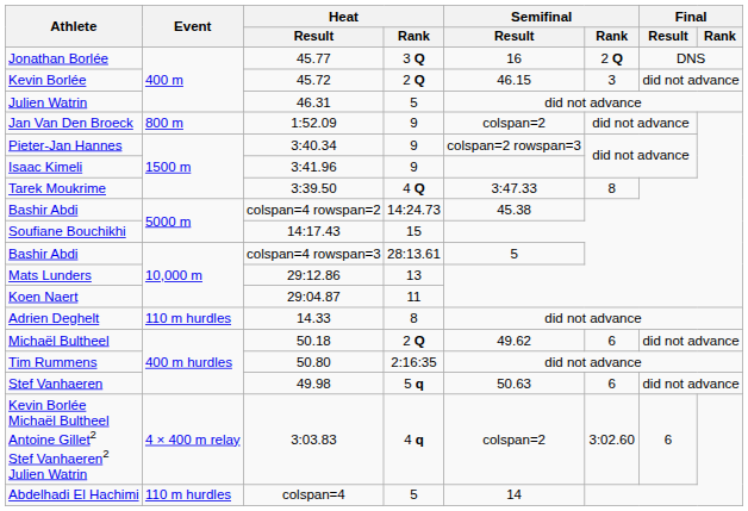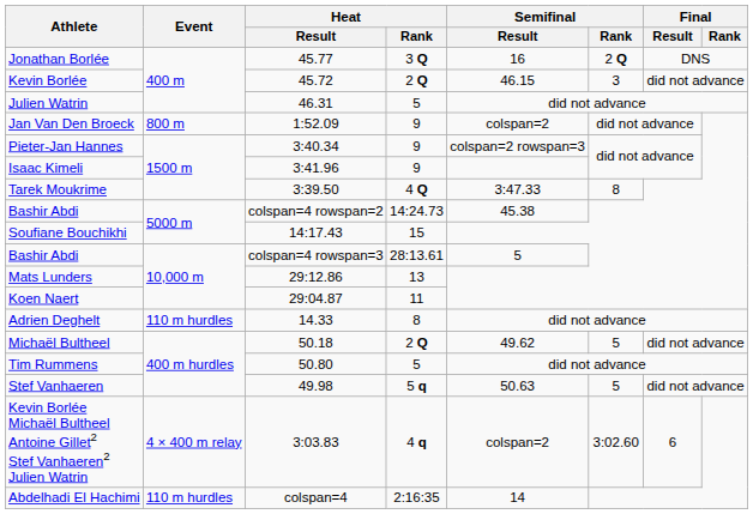 <table class="wikitable" style="font-size:90%">
 <tr>
 <th rowspan=2>Athlete</th>
 <th rowspan=2>Event</th>
 <th colspan=2>Heat</th>
 <th colspan=2>Semifinal</th>
 <th colspan=2>Final</th>
 </tr>
 <tr style="font-size:95%">
 <th>Result</th>
 <th>Rank</th>
 <th>Result</th>
 <th>Rank</th>
 <th>Result</th>
 <th>Rank</th>
 </tr>
 <tr align=center>
 <td align=left><a href='#'>Jonathan Borlée</a></td>
 <td style="text-align:left;" rowspan=3><a href='#'>400 m</a></td>
 <td>45.77</td>
 <td>3 <strong>Q</strong></td>
 <td>16</td>
 <td>2 <strong>Q</strong></td>
 <td colspan=2>DNS</td>
 </tr>
 <tr align=center>
 <td align=left><a href='#'>Kevin Borlée</a></td>
 <td>45.72</td>
 <td>2 <strong>Q</strong></td>
 <td>46.15</td>
 <td>3</td>
 <td colspan=2>did not advance</td>
 </tr>
 <tr align=center>
 <td align=left><a href='#'>Julien Watrin</a></td>
 <td>46.31</td>
 <td>5</td>
 <td colspan=4>did not advance</td>
 </tr>
 <tr align=center>
 <td align=left><a href='#'>Jan Van Den Broeck</a></td>
 <td style="text-align:left;"><a href='#'>800 m</a></td>
 <td>1:52.09</td>
 <td>9</td>
 <td>colspan=2 </td>
 <td colspan=2>did not advance</td>
 </tr>
 <tr align=center>
 <td align=left><a href='#'>Pieter-Jan Hannes</a></td>
 <td style="text-align:left;" rowspan=3><a href='#'>1500 m</a></td>
 <td>3:40.34</td>
 <td>9</td>
 <td>colspan=2 rowspan=3</td>
 <td colspan=2 rowspan=2>did not advance</td>
 </tr>
 <tr align=center>
 <td align=left><a href='#'>Isaac Kimeli</a></td>
 <td>3:41.96</td>
 <td>9</td>
 </tr>
 <tr align=center>
 <td align=left><a href='#'>Tarek Moukrime</a></td>
 <td>3:39.50</td>
 <td>4 <strong>Q</strong></td>
 <td>3:47.33</td>
 <td>8</td>
 </tr>
 <tr align=center>
 <td align=left><a href='#'>Bashir Abdi</a></td>
 <td style="text-align:left;" rowspan=2><a href='#'>5000 m</a></td>
 <td>colspan=4 rowspan=2</td>
 <td>14:24.73</td>
 <td>45.38</td>
 </tr>
 <tr align=center>
 <td align=left><a href='#'>Soufiane Bouchikhi</a></td>
 <td>14:17.43</td>
 <td>15</td>
 </tr>
 <tr align=center>
 <td align=left><a href='#'>Bashir Abdi</a></td>
 <td style="text-align:left;" rowspan=3><a href='#'>10,000 m</a></td>
 <td>colspan=4 rowspan=3</td>
 <td>28:13.61</td>
 <td>5</td>
 </tr>
 <tr align=center>
 <td align=left><a href='#'>Mats Lunders</a></td>
 <td>29:12.86</td>
 <td>13</td>
 </tr>
 <tr align=center>
 <td align=left><a href='#'>Koen Naert</a></td>
 <td>29:04.87</td>
 <td>11</td>
 </tr>
 <tr align=center>
 <td align=left><a href='#'>Adrien Deghelt</a></td>
 <td style="text-align:left;"><a href='#'>110 m hurdles</a></td>
 <td>14.33</td>
 <td>8</td>
 <td colspan=4>did not advance</td>
 </tr>
 <tr align=center>
 <td align=left><a href='#'>Michaël Bultheel</a></td>
 <td style="text-align:left;" rowspan=3><a href='#'>400 m hurdles</a></td>
 <td>50.18</td>
 <td>2 <strong>Q</strong></td>
 <td>49.62</td>
-<td>6</td>
+<td>5</td>
 <td colspan=2>did not advance</td>
 </tr>
 <tr align=center>
 <td align=left><a href='#'>Tim Rummens</a></td>
 <td>50.80</td>
-<td>2:16:35</td>
+<td>5</td>
 <td colspan=4>did not advance</td>
 </tr>
 <tr align=center>
 <td align=left><a href='#'>Stef Vanhaeren</a></td>
 <td>49.98</td>
 <td>5 <strong>q</strong></td>
 <td>50.63</td>
-<td>6</td>
+<td>5</td>
 <td colspan=2>did not advance</td>
 </tr>
 <tr align=center>
 <td align=left><a href='#'>Kevin Borlée</a><br><a href='#'>Michaël Bultheel</a><br><a href='#'>Antoine Gillet</a><sup>2</sup><br><a href='#'>Stef Vanhaeren</a><sup>2</sup><br><a href='#'>Julien Watrin</a></td>
 <td style="text-align:left;"><a href='#'>4 × 400 m relay</a></td>
 <td>3:03.83</td>
 <td>4 <strong>q</strong></td>
 <td>colspan=2 </td>
 <td>3:02.60</td>
 <td>6</td>
 </tr>
 <tr align=center>
 <td align=left><a href='#'>Abdelhadi El Hachimi</a></td>
 <td style="text-align:left;"><a href='#'>110 m hurdles</a></td>
 <td>colspan=4 </td>
-<td>5</td>
+<td>2:16:35</td>
 <td>14</td>
 </tr>
 </table>
